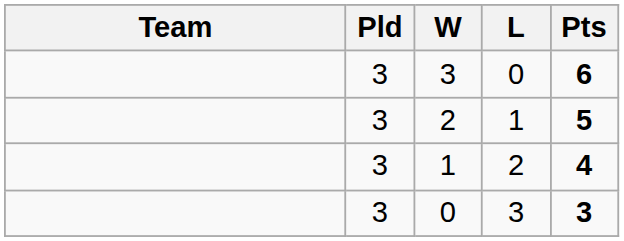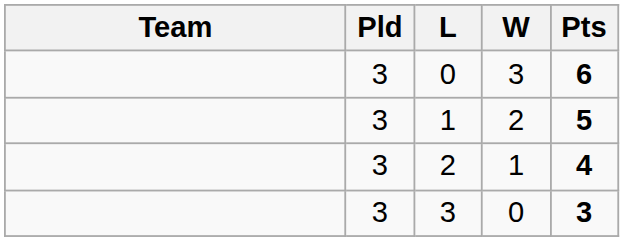 <table class=wikitable style="text-align:center">
 <tr>
 <th width=180>Team</th>
 <th width=30>Pld</th>
+<th width=30>L</th>
 <th width=30>W</th>
-<th width=30>L</th>
 <th width=30>Pts</th>
+</tr>
+<tr>
+<td align="left"></td>
+<td>3</td>
+<td>0</td>
+<td>3</td>
+<td><strong>6</strong></td>
+</tr>
+<tr>
+<td align="left"></td>
+<td>3</td>
+<td>1</td>
+<td>2</td>
+<td><strong>5</strong></td>
+</tr>
+<tr>
+<td align="left"></td>
+<td>3</td>
+<td>2</td>
+<td>1</td>
+<td><strong>4</strong></td>
 </tr>
 <tr>
 <td align="left"></td>
 <td>3</td>
 <td>3</td>
 <td>0</td>
-<td><strong>6</strong></td>
-</tr>
-<tr>
-<td align="left"></td>
-<td>3</td>
-<td>2</td>
-<td>1</td>
-<td><strong>5</strong></td>
-</tr>
-<tr>
-<td align="left"></td>
-<td>3</td>
-<td>1</td>
-<td>2</td>
-<td><strong>4</strong></td>
-</tr>
-<tr>
-<td align="left"></td>
-<td>3</td>
-<td>0</td>
-<td>3</td>
 <td><strong>3</strong></td>
 </tr>
 </table>
